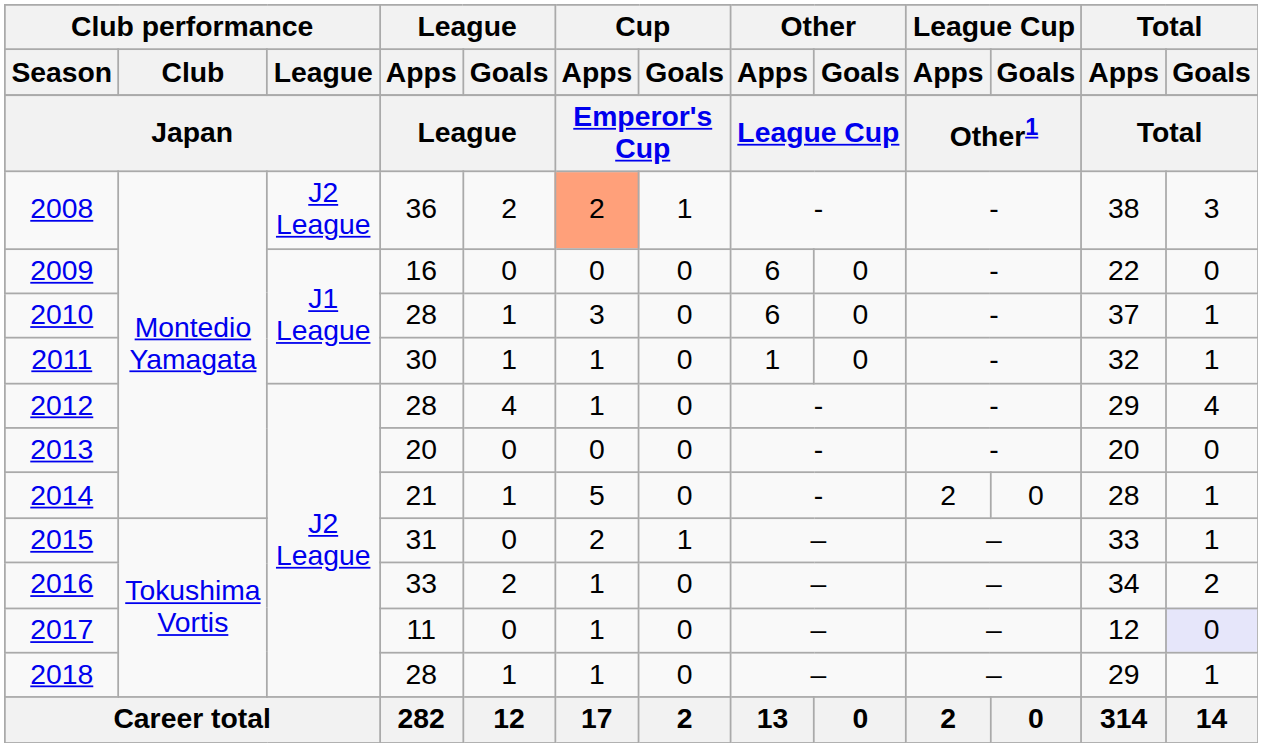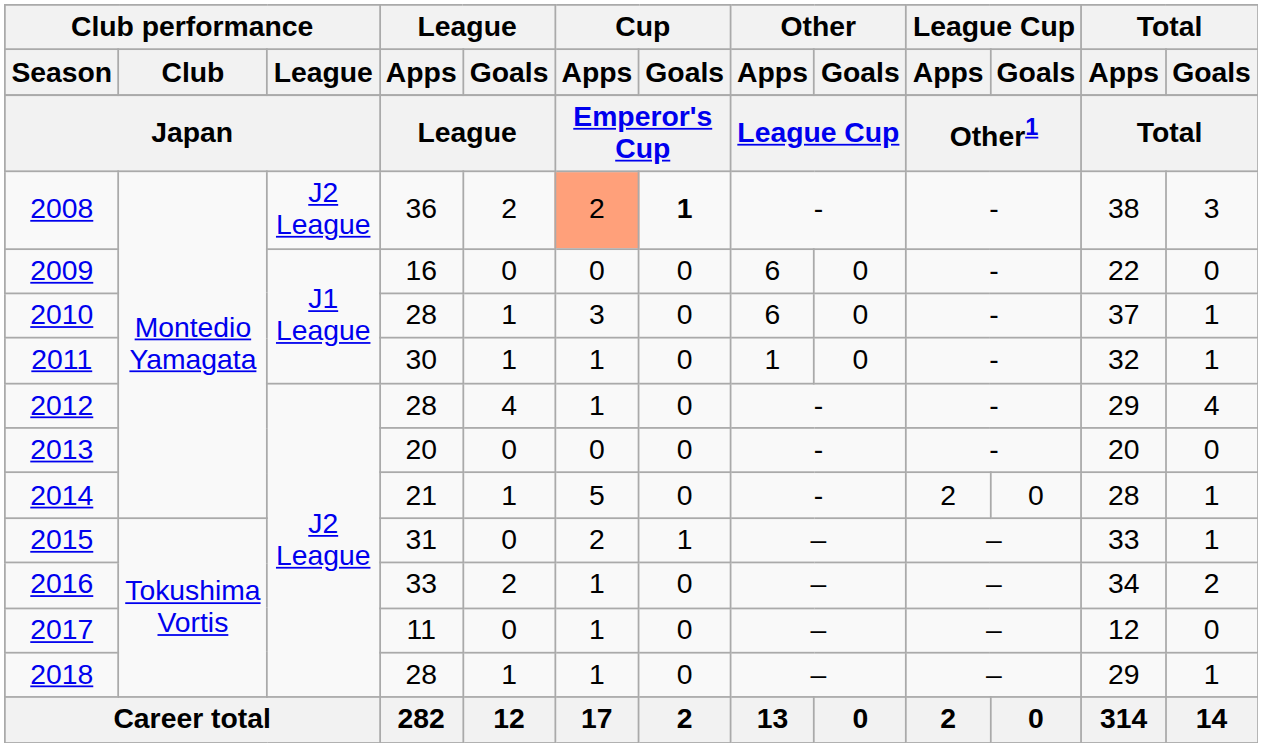 <table class="wikitable" style="text-align:center">
 <tr>
 <th colspan=3>Club performance</th>
 <th colspan=2>League</th>
 <th colspan=2>Cup</th>
 <th colspan=2>Other</th>
 <th colspan=2>League Cup</th>
 <th colspan=2>Total</th>
 </tr>
 <tr>
 <th>Season</th>
 <th>Club</th>
 <th>League</th>
 <th>Apps</th>
 <th>Goals</th>
 <th>Apps</th>
 <th>Goals</th>
 <th>Apps</th>
 <th>Goals</th>
 <th>Apps</th>
 <th>Goals</th>
 <th>Apps</th>
 <th>Goals</th>
 </tr>
 <tr>
 </tr>
 <tr>
 <th colspan=3>Japan</th>
 <th colspan=2>League</th>
 <th colspan=2><a href='#'>Emperor's Cup</a></th>
 <th colspan=2><a href='#'>League Cup</a></th>
 <th colspan="2">Other<sup><a href='#'>1</a></sup></th>
 <th colspan=2>Total</th>
 </tr>
 <tr>
 <td><a href='#'>2008</a></td>
 <td rowspan="7"><a href='#'>Montedio Yamagata</a></td>
 <td><a href='#'>J2 League</a></td>
 <td>36</td>
 <td>2</td>
 <td style="background: lightsalmon;">2</td>
-<td>1</td>
+<td><strong>1</strong></td>
 <td colspan="2">-</td>
 <td colspan="2">-</td>
 <td>38</td>
 <td>3</td>
 </tr>
 <tr>
 <td><a href='#'>2009</a></td>
 <td rowspan="3"><a href='#'>J1 League</a></td>
 <td>16</td>
 <td>0</td>
 <td>0</td>
 <td>0</td>
 <td>6</td>
 <td>0</td>
 <td colspan="2">-</td>
 <td>22</td>
 <td>0</td>
 </tr>
 <tr>
 <td><a href='#'>2010</a></td>
 <td>28</td>
 <td>1</td>
 <td>3</td>
 <td>0</td>
 <td>6</td>
 <td>0</td>
 <td colspan="2">-</td>
 <td>37</td>
 <td>1</td>
 </tr>
 <tr>
 <td><a href='#'>2011</a></td>
 <td>30</td>
 <td>1</td>
 <td>1</td>
 <td>0</td>
 <td>1</td>
 <td>0</td>
 <td colspan="2">-</td>
 <td>32</td>
 <td>1</td>
 </tr>
 <tr>
 <td><a href='#'>2012</a></td>
 <td rowspan="7"><a href='#'>J2 League</a></td>
 <td>28</td>
 <td>4</td>
 <td>1</td>
 <td>0</td>
 <td colspan="2">-</td>
 <td colspan="2">-</td>
 <td>29</td>
 <td>4</td>
 </tr>
 <tr>
 <td><a href='#'>2013</a></td>
 <td>20</td>
 <td>0</td>
 <td>0</td>
 <td>0</td>
 <td colspan="2">-</td>
 <td colspan="2">-</td>
 <td>20</td>
 <td>0</td>
 </tr>
 <tr>
 <td><a href='#'>2014</a></td>
 <td>21</td>
 <td>1</td>
 <td>5</td>
 <td>0</td>
 <td colspan="2">-</td>
 <td>2</td>
 <td>0</td>
 <td>28</td>
 <td>1</td>
 </tr>
 <tr>
 <td><a href='#'>2015</a></td>
 <td rowspan="4"><a href='#'>Tokushima Vortis</a></td>
 <td>31</td>
 <td>0</td>
 <td>2</td>
 <td>1</td>
 <td colspan="2">–</td>
 <td colspan="2">–</td>
 <td>33</td>
 <td>1</td>
 </tr>
 <tr>
 <td><a href='#'>2016</a></td>
 <td>33</td>
 <td>2</td>
 <td>1</td>
 <td>0</td>
 <td colspan="2">–</td>
 <td colspan="2">–</td>
 <td>34</td>
 <td>2</td>
 </tr>
 <tr>
 <td><a href='#'>2017</a></td>
 <td>11</td>
 <td>0</td>
 <td>1</td>
 <td>0</td>
 <td colspan="2">–</td>
 <td colspan="2">–</td>
 <td>12</td>
-<td style="background: lavender;">0</td>
+<td>0</td>
 </tr>
 <tr>
 <td><a href='#'>2018</a></td>
 <td>28</td>
 <td>1</td>
 <td>1</td>
 <td>0</td>
 <td colspan="2">–</td>
 <td colspan="2">–</td>
 <td>29</td>
 <td>1</td>
 </tr>
 <tr>
 <th colspan=3>Career total</th>
 <th>282</th>
 <th>12</th>
 <th>17</th>
 <th>2</th>
 <th>13</th>
 <th>0</th>
 <th>2</th>
 <th>0</th>
 <th>314</th>
 <th>14</th>
 </tr>
 </table>
